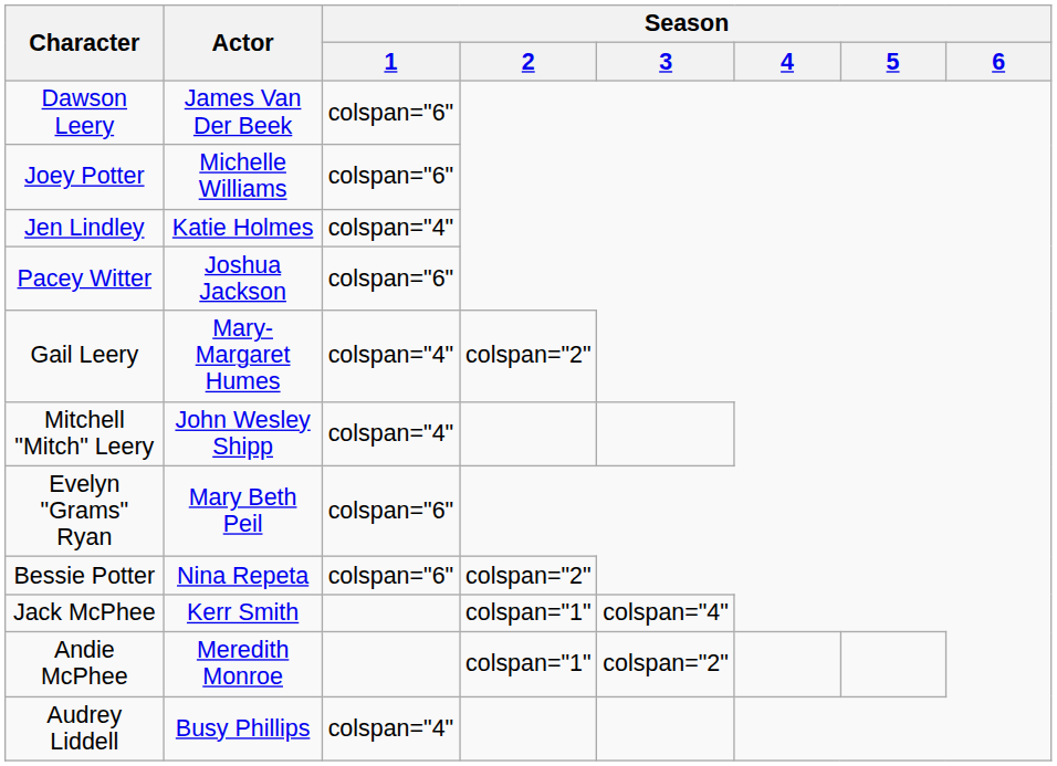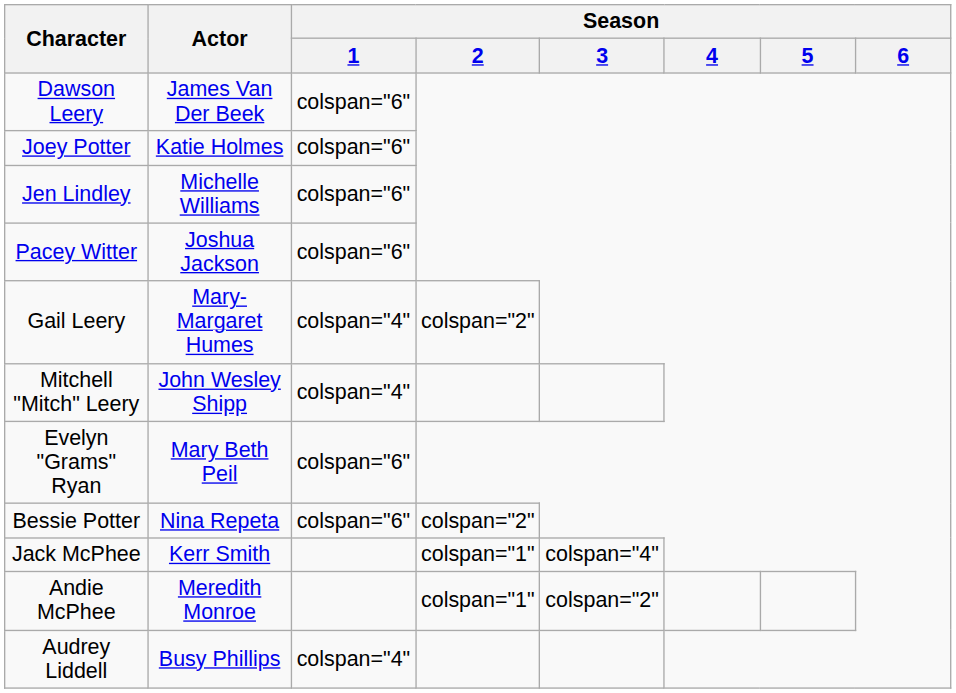 <table class="wikitable" style="text-align:center; width:80%;">
 <tr>
 <th rowspan="2" width="15%">Character</th>
 <th rowspan="2" width="15%">Actor</th>
 <th colspan="6">Season</th>
 </tr>
 <tr>
 <th width="10%"><a href='#'>1</a></th>
 <th width="10%"><a href='#'>2</a></th>
 <th width="10%"><a href='#'>3</a></th>
 <th width="10%"><a href='#'>4</a></th>
 <th width="10%"><a href='#'>5</a></th>
 <th width="10%"><a href='#'>6</a></th>
 </tr>
 <tr>
 <td><a href='#'>Dawson Leery</a></td>
 <td><a href='#'>James Van Der Beek</a></td>
 <td>colspan="6" </td>
 </tr>
 <tr>
 <td><a href='#'>Joey Potter</a></td>
-<td><a href='#'>Michelle Williams</a></td>
+<td><a href='#'>Katie Holmes</a></td>
 <td>colspan="6" </td>
 </tr>
 <tr>
 <td><a href='#'>Jen Lindley</a></td>
-<td><a href='#'>Katie Holmes</a></td>
-<td>colspan="4" </td>
+<td><a href='#'>Michelle Williams</a></td>
+<td>colspan="6" </td>
 </tr>
 <tr>
 <td><a href='#'>Pacey Witter</a></td>
 <td><a href='#'>Joshua Jackson</a></td>
 <td>colspan="6" </td>
 </tr>
 <tr>
 <td>Gail Leery</td>
 <td><a href='#'>Mary-Margaret Humes</a></td>
 <td>colspan="4" </td>
 <td>colspan="2" </td>
 </tr>
 <tr>
 <td>Mitchell "Mitch" Leery</td>
 <td><a href='#'>John Wesley Shipp</a></td>
 <td>colspan="4" </td>
 <td></td>
 <td></td>
 </tr>
 <tr>
 <td>Evelyn "Grams" Ryan</td>
 <td><a href='#'>Mary Beth Peil</a></td>
 <td>colspan="6" </td>
 </tr>
 <tr>
 <td>Bessie Potter</td>
 <td><a href='#'>Nina Repeta</a></td>
 <td>colspan="6" </td>
 <td>colspan="2" </td>
 </tr>
 <tr>
 <td>Jack McPhee</td>
 <td><a href='#'>Kerr Smith</a></td>
 <td></td>
 <td>colspan="1" </td>
 <td>colspan="4" </td>
 </tr>
 <tr>
 <td>Andie McPhee</td>
 <td><a href='#'>Meredith Monroe</a></td>
 <td></td>
 <td>colspan="1" </td>
 <td>colspan="2" </td>
 <td></td>
 <td></td>
 </tr>
 <tr>
 <td>Audrey Liddell</td>
 <td><a href='#'>Busy Phillips</a></td>
 <td>colspan="4" </td>
 <td></td>
 <td></td>
 </tr>
 </table>
